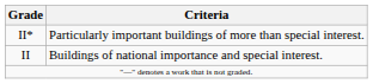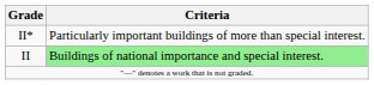 <table class="wikitable" border="1">
 <tr>
 <th>Grade</th>
 <th>Criteria</th>
 </tr>
 <tr>
 <td align="center" >II*</td>
 <td>Particularly important buildings of more than special interest.</td>
 </tr>
 <tr>
 <td align="center" >II</td>
-<td>Buildings of national importance and special interest.</td>
+<td style="background: lightgreen;">Buildings of national importance and special interest.</td>
 </tr>
 <tr>
 <td align="center" colspan="14" style="font-size: 8pt">"—" denotes a work that is not graded.</td>
 </tr>
 </table>
